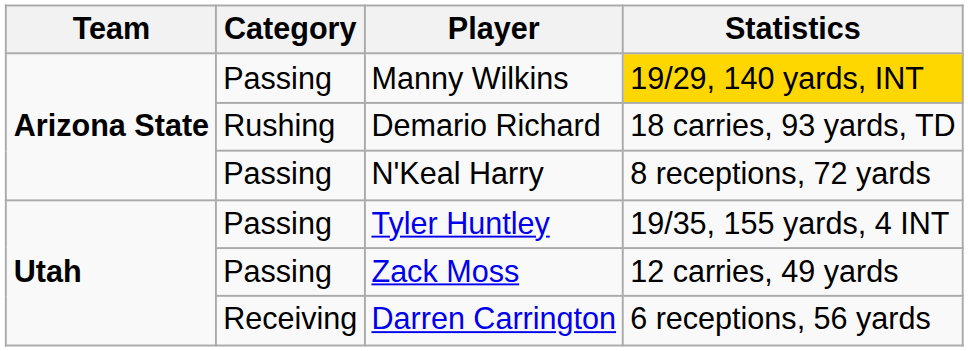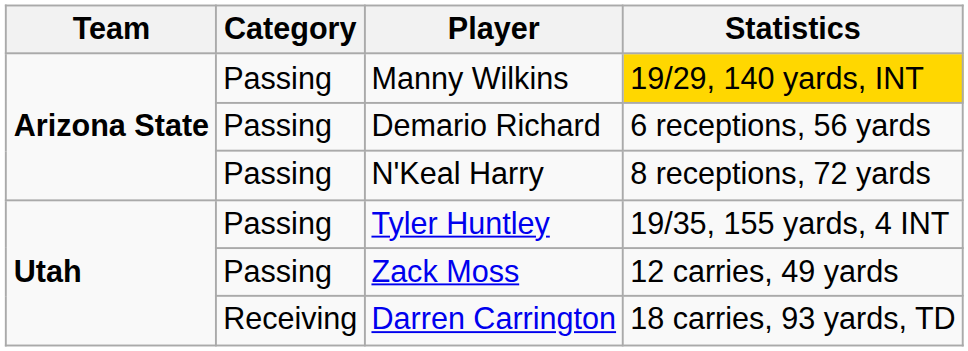 <table class="wikitable" style="float: right;">
 <tr>
 <th>Team</th>
 <th>Category</th>
 <th>Player</th>
 <th>Statistics</th>
 </tr>
 <tr>
 <td rowspan=3><strong>Arizona State</strong></td>
 <td>Passing</td>
 <td>Manny Wilkins</td>
 <td style="background: gold;">19/29, 140 yards, INT</td>
 </tr>
 <tr>
-<td>Rushing</td>
+<td>Passing</td>
 <td>Demario Richard</td>
-<td>18 carries, 93 yards, TD</td>
+<td>6 receptions, 56 yards</td>
 </tr>
 <tr>
 <td>Passing</td>
 <td>N'Keal Harry</td>
 <td>8 receptions, 72 yards</td>
 </tr>
 <tr>
 <td rowspan=3><strong>Utah</strong></td>
 <td>Passing</td>
 <td><a href='#'>Tyler Huntley</a></td>
 <td>19/35, 155 yards, 4 INT</td>
 </tr>
 <tr>
 <td>Passing</td>
 <td><a href='#'>Zack Moss</a></td>
 <td>12 carries, 49 yards</td>
 </tr>
 <tr>
 <td>Receiving</td>
 <td><a href='#'>Darren Carrington</a></td>
-<td>6 receptions, 56 yards</td>
+<td>18 carries, 93 yards, TD</td>
 </tr>
 </table>
